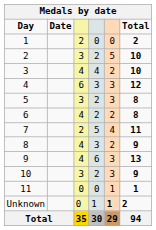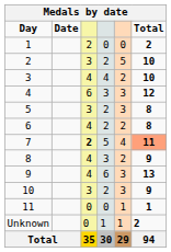 <table class="wikitable" style="font-size:95%">
 <tr style="background:#efefef;">
 <th colspan=6><strong>Medals by date</strong></th>
 </tr>
 <tr style="text-align:center;">
 <td><strong>Day</strong></td>
 <td><strong>Date</strong></td>
 <td style="background:#F7F6A8;"></td>
 <td style="background:#DCE5E5;"></td>
 <td style="background:#FFDAB9;"></td>
 <td><strong>Total</strong></td>
 </tr>
 <tr style="text-align:center;">
 <td>1</td>
 <td></td>
 <td style="background:#F7F6A8;">2</td>
 <td style="background:#DCE5E5;">0</td>
 <td style="background:#FFDAB9;">0</td>
 <td><strong>2</strong></td>
 </tr>
 <tr style="text-align:center;">
 <td>2</td>
 <td></td>
 <td style="background:#F7F6A8;">3</td>
 <td style="background:#DCE5E5;">2</td>
 <td style="background:#FFDAB9;">5</td>
 <td><strong>10</strong></td>
 </tr>
 <tr style="text-align:center;">
 <td>3</td>
 <td></td>
 <td style="background:#F7F6A8;">4</td>
 <td style="background:#DCE5E5;">4</td>
 <td style="background:#FFDAB9;">2</td>
 <td><strong>10</strong></td>
 </tr>
 <tr style="text-align:center;">
 <td>4</td>
 <td></td>
 <td style="background:#F7F6A8;">6</td>
 <td style="background:#DCE5E5;">3</td>
 <td style="background:#FFDAB9;">3</td>
 <td><strong>12</strong></td>
 </tr>
 <tr style="text-align:center;">
 <td>5</td>
 <td></td>
 <td style="background:#F7F6A8;">3</td>
 <td style="background:#DCE5E5;">2</td>
 <td style="background:#FFDAB9;">3</td>
 <td><strong>8</strong></td>
 </tr>
 <tr style="text-align:center;">
 <td>6</td>
 <td></td>
 <td style="background:#F7F6A8;">4</td>
 <td style="background:#DCE5E5;">2</td>
 <td style="background:#FFDAB9;">2</td>
 <td><strong>8</strong></td>
 </tr>
 <tr style="text-align:center;">
 <td>7</td>
 <td></td>
-<td style="background:#F7F6A8;">2</td>
+<td style="background:#F7F6A8;"><strong>2</strong></td>
 <td style="background:#DCE5E5;">5</td>
 <td style="background:#FFDAB9;">4</td>
-<td><strong>11</strong></td>
+<td style="background: lightsalmon;"><strong>11</strong></td>
 </tr>
 <tr style="text-align:center;">
 <td>8</td>
 <td></td>
 <td style="background:#F7F6A8;">4</td>
 <td style="background:#DCE5E5;">3</td>
 <td style="background:#FFDAB9;">2</td>
 <td><strong>9</strong></td>
 </tr>
 <tr style="text-align:center;">
 <td>9</td>
 <td></td>
 <td style="background:#F7F6A8;">4</td>
 <td style="background:#DCE5E5;">6</td>
 <td style="background:#FFDAB9;">3</td>
 <td><strong>13</strong></td>
 </tr>
 <tr style="text-align:center;">
 <td>10</td>
 <td></td>
 <td style="background:#F7F6A8;">3</td>
 <td style="background:#DCE5E5;">2</td>
 <td style="background:#FFDAB9;">3</td>
 <td><strong>9</strong></td>
 </tr>
 <tr style="text-align:center;">
 <td>11</td>
 <td></td>
 <td style="background:#F7F6A8;">0</td>
 <td style="background:#DCE5E5;">0</td>
 <td style="background:#FFDAB9;">1</td>
 <td><strong>1</strong></td>
 </tr>
 <tr>
 <td>Unknown</td>
 <td></td>
 <td style="background:#F7F6A8;">0</td>
 <td style="background:#DCE5E5;">1</td>
-<td style="background:#FFDAB9;"><strong>1</strong></td>
+<td style="background:#FFDAB9;">1</td>
 <td><strong>2</strong></td>
 </tr>
 <tr>
 <th colspan="2"><strong>Total</strong></th>
 <th style="background:gold;"><strong>35</strong></th>
 <th style="background:silver;"><strong>30</strong></th>
 <th style="background:#c96;"><strong>29</strong></th>
 <th><strong>94</strong></th>
 </tr>
 </table>
